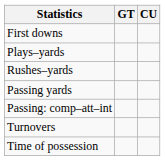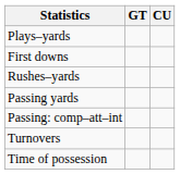 <table class="wikitable" style="float:left">
 <tr>
 <th>Statistics</th>
 <th>GT</th>
 <th>CU</th>
 </tr>
 <tr>
-<td>First downs</td>
+<td>Plays–yards</td>
 <td></td>
 <td></td>
 </tr>
 <tr>
-<td>Plays–yards</td>
+<td>First downs</td>
 <td></td>
 <td></td>
 </tr>
 <tr>
 <td>Rushes–yards</td>
 <td></td>
 <td></td>
 </tr>
 <tr>
 <td>Passing yards</td>
 <td></td>
 <td></td>
 </tr>
 <tr>
 <td>Passing: comp–att–int</td>
 <td></td>
 <td></td>
 </tr>
 <tr>
 <td>Turnovers</td>
 <td></td>
 <td></td>
 </tr>
 <tr>
 <td>Time of possession</td>
 <td></td>
 <td></td>
 </tr>
 </table>
